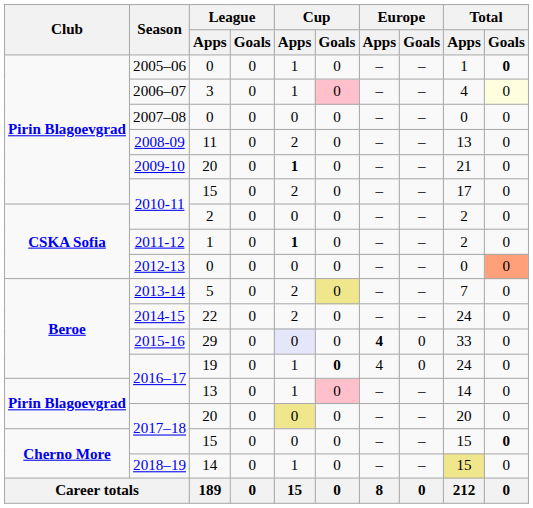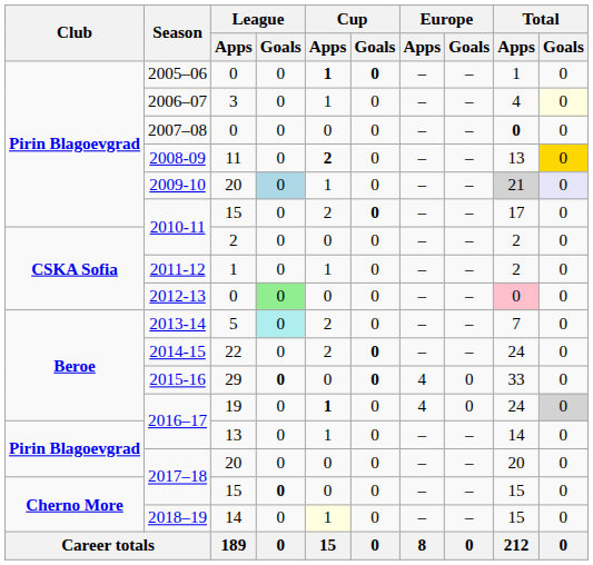 <table class="wikitable" style="font-size:90%; text-align: center;">
 <tr>
 <th rowspan="2">Club</th>
 <th rowspan="2">Season</th>
 <th colspan="2">League</th>
 <th colspan="2">Cup</th>
 <th colspan="2">Europe</th>
 <th colspan="2">Total</th>
 </tr>
 <tr>
 <th>Apps</th>
 <th>Goals</th>
 <th>Apps</th>
 <th>Goals</th>
 <th>Apps</th>
 <th>Goals</th>
 <th>Apps</th>
 <th>Goals</th>
 </tr>
 <tr>
 <td rowspan="6" valign="center"><strong><a href='#'>Pirin Blagoevgrad</a></strong></td>
 <td>2005–06</td>
 <td>0</td>
 <td>0</td>
-<td>1</td>
-<td>0</td>
+<td><strong>1</strong></td>
+<td><strong>0</strong></td>
 <td>–</td>
 <td>–</td>
 <td>1</td>
-<td><strong>0</strong></td>
+<td>0</td>
 </tr>
 <tr>
 <td>2006–07</td>
 <td>3</td>
 <td>0</td>
 <td>1</td>
-<td style="background: pink;">0</td>
+<td>0</td>
 <td>–</td>
 <td>–</td>
 <td>4</td>
 <td style="background: lightyellow;">0</td>
 </tr>
 <tr>
 <td>2007–08</td>
 <td>0</td>
 <td>0</td>
 <td>0</td>
 <td>0</td>
 <td>–</td>
 <td>–</td>
-<td>0</td>
+<td><strong>0</strong></td>
 <td>0</td>
 </tr>
 <tr>
 <td><a href='#'>2008-09</a></td>
 <td>11</td>
 <td>0</td>
-<td>2</td>
+<td><strong>2</strong></td>
 <td>0</td>
 <td>–</td>
 <td>–</td>
 <td>13</td>
-<td>0</td>
+<td style="background: gold;">0</td>
 </tr>
 <tr>
 <td><a href='#'>2009-10</a></td>
 <td>20</td>
-<td>0</td>
-<td><strong>1</strong></td>
+<td style="background: lightblue;">0</td>
+<td>1</td>
 <td>0</td>
 <td>–</td>
 <td>–</td>
-<td>21</td>
-<td>0</td>
+<td style="background: lightgrey;">21</td>
+<td style="background: lavender;">0</td>
 </tr>
 <tr>
 <td rowspan="2"><a href='#'>2010-11</a></td>
 <td>15</td>
 <td>0</td>
 <td>2</td>
-<td>0</td>
+<td><strong>0</strong></td>
 <td>–</td>
 <td>–</td>
 <td>17</td>
 <td>0</td>
 </tr>
 <tr>
 <td rowspan="3" valign="center"><strong><a href='#'>CSKA Sofia</a></strong></td>
 <td>2</td>
 <td>0</td>
 <td>0</td>
 <td>0</td>
 <td>–</td>
 <td>–</td>
 <td>2</td>
 <td>0</td>
 </tr>
 <tr>
 <td><a href='#'>2011-12</a></td>
 <td>1</td>
 <td>0</td>
-<td><strong>1</strong></td>
+<td>1</td>
 <td>0</td>
 <td>–</td>
 <td>–</td>
 <td>2</td>
 <td>0</td>
 </tr>
 <tr>
 <td><a href='#'>2012-13</a></td>
 <td>0</td>
-<td>0</td>
+<td style="background: lightgreen;">0</td>
 <td>0</td>
 <td>0</td>
 <td>–</td>
 <td>–</td>
+<td style="background: pink;">0</td>
 <td>0</td>
-<td style="background: lightsalmon;">0</td>
 </tr>
 <tr>
 <td rowspan="4" valign="center"><strong><a href='#'>Beroe</a></strong></td>
 <td><a href='#'>2013-14</a></td>
 <td>5</td>
+<td style="background: paleturquoise;">0</td>
+<td>2</td>
 <td>0</td>
-<td>2</td>
-<td style="background: khaki;">0</td>
 <td>–</td>
 <td>–</td>
 <td>7</td>
 <td>0</td>
 </tr>
 <tr>
 <td><a href='#'>2014-15</a></td>
 <td>22</td>
 <td>0</td>
 <td>2</td>
-<td>0</td>
+<td><strong>0</strong></td>
 <td>–</td>
 <td>–</td>
 <td>24</td>
 <td>0</td>
 </tr>
 <tr>
 <td><a href='#'>2015-16</a></td>
 <td>29</td>
+<td><strong>0</strong></td>
 <td>0</td>
-<td style="background: lavender;">0</td>
-<td>0</td>
-<td><strong>4</strong></td>
+<td><strong>0</strong></td>
+<td>4</td>
 <td>0</td>
 <td>33</td>
 <td>0</td>
 </tr>
 <tr>
 <td rowspan="2"><a href='#'>2016–17</a></td>
 <td>19</td>
 <td>0</td>
-<td>1</td>
-<td><strong>0</strong></td>
+<td><strong>1</strong></td>
+<td>0</td>
 <td>4</td>
 <td>0</td>
 <td>24</td>
-<td>0</td>
+<td style="background: lightgrey;">0</td>
 </tr>
 <tr>
 <td rowspan="2" valign="center"><strong><a href='#'>Pirin Blagoevgrad</a></strong></td>
 <td>13</td>
 <td>0</td>
 <td>1</td>
-<td style="background: pink;">0</td>
+<td>0</td>
 <td>–</td>
 <td>–</td>
 <td>14</td>
 <td>0</td>
 </tr>
 <tr>
 <td rowspan="2"><a href='#'>2017–18</a></td>
 <td>20</td>
 <td>0</td>
-<td style="background: khaki;">0</td>
+<td>0</td>
 <td>0</td>
 <td>–</td>
 <td>–</td>
 <td>20</td>
 <td>0</td>
 </tr>
 <tr>
 <td rowspan="2" valign="center"><strong><a href='#'>Cherno More</a></strong></td>
 <td>15</td>
-<td>0</td>
+<td><strong>0</strong></td>
 <td>0</td>
 <td>0</td>
 <td>–</td>
 <td>–</td>
 <td>15</td>
-<td><strong>0</strong></td>
+<td>0</td>
 </tr>
 <tr>
 <td><a href='#'>2018–19</a></td>
 <td>14</td>
 <td>0</td>
-<td>1</td>
+<td style="background: lightyellow;">1</td>
 <td>0</td>
 <td>–</td>
 <td>–</td>
-<td style="background: khaki;">15</td>
+<td>15</td>
 <td>0</td>
 </tr>
 <tr>
 <th colspan="2">Career totals</th>
 <th>189</th>
 <th>0</th>
 <th>15</th>
 <th>0</th>
 <th>8</th>
 <th>0</th>
 <th>212</th>
 <th>0</th>
 </tr>
 </table>
